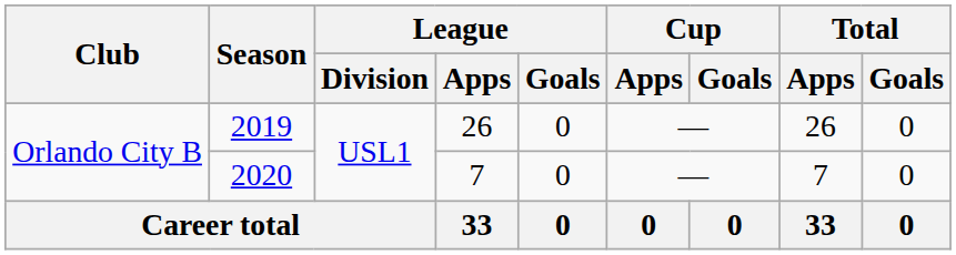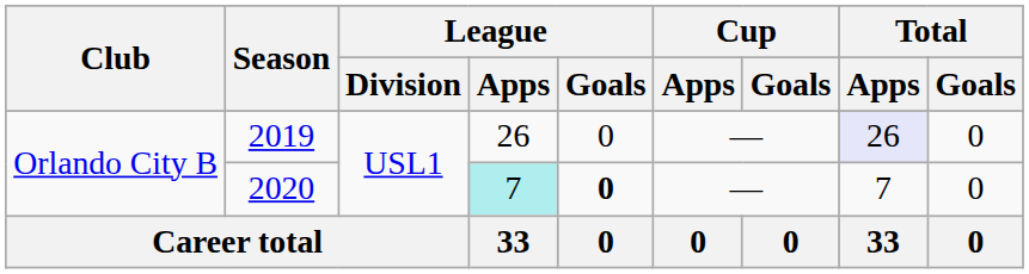 <table class="wikitable" style="text-align:center;">
 <tr>
 <th rowspan="2">Club</th>
 <th rowspan="2">Season</th>
 <th colspan="3">League</th>
 <th colspan="2">Cup</th>
 <th colspan="2">Total</th>
 </tr>
 <tr>
 <th>Division</th>
 <th>Apps</th>
 <th>Goals</th>
 <th>Apps</th>
 <th>Goals</th>
 <th>Apps</th>
 <th>Goals</th>
 </tr>
 <tr>
 <td rowspan="2"><a href='#'>Orlando City B</a></td>
 <td><a href='#'>2019</a></td>
 <td rowspan="2"><a href='#'>USL1</a></td>
 <td>26</td>
 <td>0</td>
 <td colspan="2">—</td>
-<td>26</td>
+<td style="background: lavender;">26</td>
 <td>0</td>
 </tr>
 <tr>
 <td><a href='#'>2020</a></td>
-<td>7</td>
-<td>0</td>
+<td style="background: paleturquoise;">7</td>
+<td><strong>0</strong></td>
 <td colspan="2">—</td>
 <td>7</td>
 <td>0</td>
 </tr>
 <tr>
 <th colspan="3">Career total</th>
 <th>33</th>
 <th>0</th>
 <th>0</th>
 <th>0</th>
 <th>33</th>
 <th>0</th>
 </tr>
 </table>
